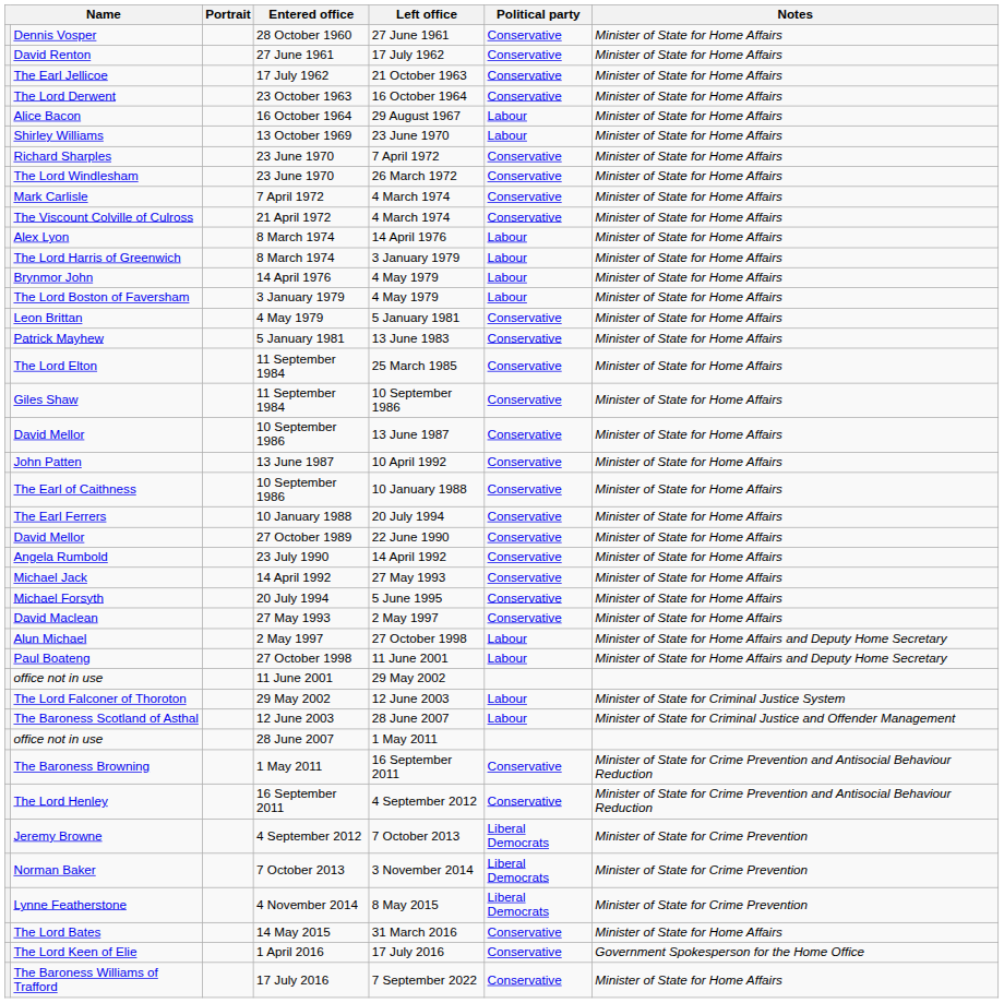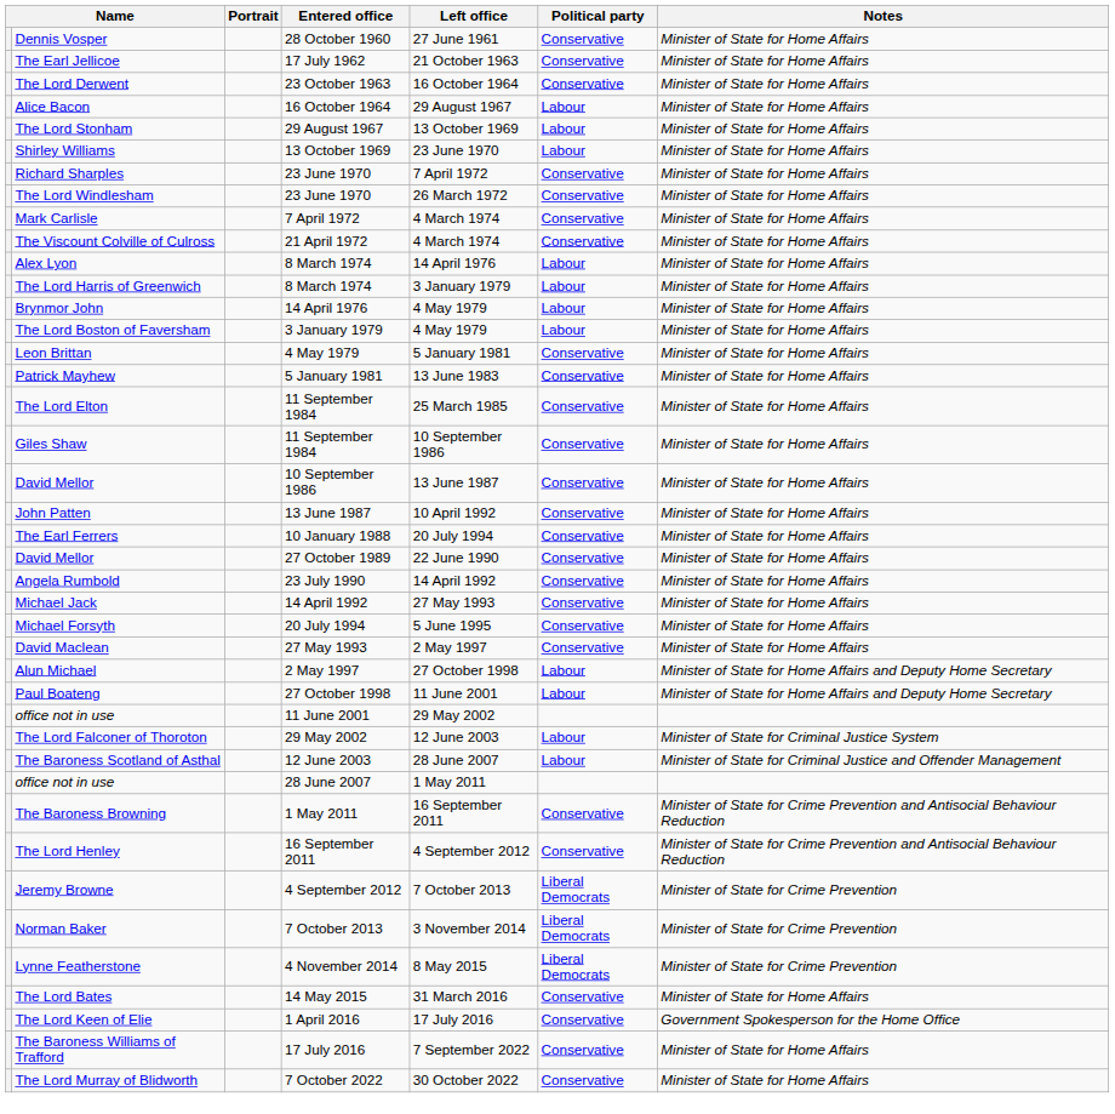 <table class="wikitable">
 <tr>
 <th colspan=2>Name</th>
 <th>Portrait</th>
 <th>Entered office</th>
 <th>Left office</th>
 <th>Political party</th>
 <th>Notes</th>
 </tr>
 <tr>
 <th style="background-color: "></th>
 <td><a href='#'>Dennis Vosper</a></td>
 <td></td>
 <td>28 October 1960</td>
 <td>27 June 1961</td>
-<td><a href='#'>Conservative</a></td>
-<td><em>Minister of State for Home Affairs</em></td>
-</tr>
-<tr>
-<th style="background-color: "></th>
-<td><a href='#'>David Renton</a></td>
-<td></td>
-<td>27 June 1961</td>
-<td>17 July 1962</td>
 <td><a href='#'>Conservative</a></td>
 <td><em>Minister of State for Home Affairs</em></td>
 </tr>
 <tr>
 <th style="background-color: "></th>
 <td><a href='#'>The Earl Jellicoe</a></td>
 <td></td>
 <td>17 July 1962</td>
 <td>21 October 1963</td>
 <td><a href='#'>Conservative</a></td>
 <td><em>Minister of State for Home Affairs</em></td>
 </tr>
 <tr>
 <th style="background-color: "></th>
 <td><a href='#'>The Lord Derwent</a></td>
 <td></td>
 <td>23 October 1963</td>
 <td>16 October 1964</td>
 <td><a href='#'>Conservative</a></td>
 <td><em>Minister of State for Home Affairs</em></td>
 </tr>
 <tr>
 <th style="background-color: "></th>
 <td><a href='#'>Alice Bacon</a></td>
 <td></td>
 <td>16 October 1964</td>
 <td>29 August 1967</td>
+<td><a href='#'>Labour</a></td>
+<td><em>Minister of State for Home Affairs</em></td>
+</tr>
+<tr>
+<th style="background-color: "></th>
+<td><a href='#'>The Lord Stonham</a></td>
+<td></td>
+<td>29 August 1967</td>
+<td>13 October 1969</td>
 <td><a href='#'>Labour</a></td>
 <td><em>Minister of State for Home Affairs</em></td>
 </tr>
 <tr>
 <th style="background-color: "></th>
 <td><a href='#'>Shirley Williams</a></td>
 <td></td>
 <td>13 October 1969</td>
 <td>23 June 1970</td>
 <td><a href='#'>Labour</a></td>
 <td><em>Minister of State for Home Affairs</em></td>
 </tr>
 <tr>
 <th style="background-color: "></th>
 <td><a href='#'>Richard Sharples</a></td>
 <td></td>
 <td>23 June 1970</td>
 <td>7 April 1972</td>
 <td><a href='#'>Conservative</a></td>
 <td><em>Minister of State for Home Affairs</em></td>
 </tr>
 <tr>
 <th style="background-color: "></th>
 <td><a href='#'>The Lord Windlesham</a></td>
 <td></td>
 <td>23 June 1970</td>
 <td>26 March 1972</td>
 <td><a href='#'>Conservative</a></td>
 <td><em>Minister of State for Home Affairs</em></td>
 </tr>
 <tr>
 <th style="background-color: "></th>
 <td><a href='#'>Mark Carlisle</a></td>
 <td></td>
 <td>7 April 1972</td>
 <td>4 March 1974</td>
 <td><a href='#'>Conservative</a></td>
 <td><em>Minister of State for Home Affairs</em></td>
 </tr>
 <tr>
 <th style="background-color: "></th>
 <td><a href='#'>The Viscount Colville of Culross</a></td>
 <td></td>
 <td>21 April 1972</td>
 <td>4 March 1974</td>
 <td><a href='#'>Conservative</a></td>
 <td><em>Minister of State for Home Affairs</em></td>
 </tr>
 <tr>
 <th style="background-color: "></th>
 <td><a href='#'>Alex Lyon</a></td>
 <td></td>
 <td>8 March 1974</td>
 <td>14 April 1976</td>
 <td><a href='#'>Labour</a></td>
 <td><em>Minister of State for Home Affairs</em></td>
 </tr>
 <tr>
 <th style="background-color: "></th>
 <td><a href='#'>The Lord Harris of Greenwich</a></td>
 <td></td>
 <td>8 March 1974</td>
 <td>3 January 1979</td>
 <td><a href='#'>Labour</a></td>
 <td><em>Minister of State for Home Affairs</em></td>
 </tr>
 <tr>
 <th style="background-color: "></th>
 <td><a href='#'>Brynmor John</a></td>
 <td></td>
 <td>14 April 1976</td>
 <td>4 May 1979</td>
 <td><a href='#'>Labour</a></td>
 <td><em>Minister of State for Home Affairs</em></td>
 </tr>
 <tr>
 <th style="background-color: "></th>
 <td><a href='#'>The Lord Boston of Faversham</a></td>
 <td></td>
 <td>3 January 1979</td>
 <td>4 May 1979</td>
 <td><a href='#'>Labour</a></td>
 <td><em>Minister of State for Home Affairs</em></td>
 </tr>
 <tr>
 <th style="background-color: "></th>
 <td><a href='#'>Leon Brittan</a></td>
 <td></td>
 <td>4 May 1979</td>
 <td>5 January 1981</td>
 <td><a href='#'>Conservative</a></td>
 <td><em>Minister of State for Home Affairs</em></td>
 </tr>
 <tr>
 <th style="background-color: "></th>
 <td><a href='#'>Patrick Mayhew</a></td>
 <td></td>
 <td>5 January 1981</td>
 <td>13 June 1983</td>
 <td><a href='#'>Conservative</a></td>
 <td><em>Minister of State for Home Affairs</em></td>
 </tr>
 <tr>
 <th style="background-color: "></th>
 <td><a href='#'>The Lord Elton</a></td>
 <td></td>
 <td>11 September 1984</td>
 <td>25 March 1985</td>
 <td><a href='#'>Conservative</a></td>
 <td><em>Minister of State for Home Affairs</em></td>
 </tr>
 <tr>
 <th style="background-color: "></th>
 <td><a href='#'>Giles Shaw</a></td>
 <td></td>
 <td>11 September 1984</td>
 <td>10 September 1986</td>
 <td><a href='#'>Conservative</a></td>
 <td><em>Minister of State for Home Affairs</em></td>
 </tr>
 <tr>
 <th style="background-color: "></th>
 <td><a href='#'>David Mellor</a></td>
 <td></td>
 <td>10 September 1986</td>
 <td>13 June 1987</td>
 <td><a href='#'>Conservative</a></td>
 <td><em>Minister of State for Home Affairs</em></td>
 </tr>
 <tr>
 <th style="background-color: "></th>
 <td><a href='#'>John Patten</a></td>
 <td></td>
 <td>13 June 1987</td>
 <td>10 April 1992</td>
-<td><a href='#'>Conservative</a></td>
-<td><em>Minister of State for Home Affairs</em></td>
-</tr>
-<tr>
-<th style="background-color: "></th>
-<td><a href='#'>The Earl of Caithness</a></td>
-<td></td>
-<td>10 September 1986</td>
-<td>10 January 1988</td>
 <td><a href='#'>Conservative</a></td>
 <td><em>Minister of State for Home Affairs</em></td>
 </tr>
 <tr>
 <th style="background-color: "></th>
 <td><a href='#'>The Earl Ferrers</a></td>
 <td></td>
 <td>10 January 1988</td>
 <td>20 July 1994</td>
 <td><a href='#'>Conservative</a></td>
 <td><em>Minister of State for Home Affairs</em></td>
 </tr>
 <tr>
 <th style="background-color: "></th>
 <td><a href='#'>David Mellor</a></td>
 <td></td>
 <td>27 October 1989</td>
 <td>22 June 1990</td>
 <td><a href='#'>Conservative</a></td>
 <td><em>Minister of State for Home Affairs</em></td>
 </tr>
 <tr>
 <th style="background-color: "></th>
 <td><a href='#'>Angela Rumbold</a></td>
 <td></td>
 <td>23 July 1990</td>
 <td>14 April 1992</td>
 <td><a href='#'>Conservative</a></td>
 <td><em>Minister of State for Home Affairs</em></td>
 </tr>
 <tr>
 <th style="background-color: "></th>
 <td><a href='#'>Michael Jack</a></td>
 <td></td>
 <td>14 April 1992</td>
 <td>27 May 1993</td>
 <td><a href='#'>Conservative</a></td>
 <td><em>Minister of State for Home Affairs</em></td>
 </tr>
 <tr>
 <th style="background-color: "></th>
 <td><a href='#'>Michael Forsyth</a></td>
 <td></td>
 <td>20 July 1994</td>
 <td>5 June 1995</td>
 <td><a href='#'>Conservative</a></td>
 <td><em>Minister of State for Home Affairs</em></td>
 </tr>
 <tr>
 <th style="background-color: "></th>
 <td><a href='#'>David Maclean</a></td>
 <td></td>
 <td>27 May 1993</td>
 <td>2 May 1997</td>
 <td><a href='#'>Conservative</a></td>
 <td><em>Minister of State for Home Affairs</em></td>
 </tr>
 <tr>
 <th style="background-color: "></th>
 <td><a href='#'>Alun Michael</a></td>
 <td></td>
 <td>2 May 1997</td>
 <td>27 October 1998</td>
 <td><a href='#'>Labour</a></td>
 <td><em>Minister of State for Home Affairs and Deputy Home Secretary</em></td>
 </tr>
 <tr>
 <th style="background-color: "></th>
 <td><a href='#'>Paul Boateng</a></td>
 <td></td>
 <td>27 October 1998</td>
 <td>11 June 2001</td>
 <td><a href='#'>Labour</a></td>
 <td><em>Minister of State for Home Affairs and Deputy Home Secretary</em></td>
 </tr>
 <tr>
 <th></th>
 <td><em>office not in use</em></td>
 <td></td>
 <td>11 June 2001</td>
 <td>29 May 2002</td>
 <td></td>
 <td></td>
 </tr>
 <tr>
 <th style="background-color: "></th>
 <td><a href='#'>The Lord Falconer of Thoroton</a></td>
 <td></td>
 <td>29 May 2002</td>
 <td>12 June 2003</td>
 <td><a href='#'>Labour</a></td>
 <td><em>Minister of State for Criminal Justice System</em></td>
 </tr>
 <tr>
 <th style="background-color: "></th>
 <td><a href='#'>The Baroness Scotland of Asthal</a></td>
 <td></td>
 <td>12 June 2003</td>
 <td>28 June 2007</td>
 <td><a href='#'>Labour</a></td>
 <td><em>Minister of State for Criminal Justice and Offender Management</em></td>
 </tr>
 <tr>
 <th></th>
 <td><em>office not in use</em></td>
 <td></td>
 <td>28 June 2007</td>
 <td>1 May 2011</td>
 <td></td>
 <td></td>
 </tr>
 <tr>
 <th style="background-color: "></th>
 <td><a href='#'>The Baroness Browning</a></td>
 <td></td>
 <td>1 May 2011</td>
 <td>16 September 2011</td>
 <td><a href='#'>Conservative</a></td>
 <td><em>Minister of State for Crime Prevention and Antisocial Behaviour Reduction</em></td>
 </tr>
 <tr>
 <th style="background-color: "></th>
 <td><a href='#'>The Lord Henley</a></td>
 <td></td>
 <td>16 September 2011</td>
 <td>4 September 2012</td>
 <td><a href='#'>Conservative</a></td>
 <td><em>Minister of State for Crime Prevention and Antisocial Behaviour Reduction</em></td>
 </tr>
 <tr>
 <th style="background-color: "></th>
 <td><a href='#'>Jeremy Browne</a></td>
 <td></td>
 <td>4 September 2012</td>
 <td>7 October 2013</td>
 <td><a href='#'>Liberal Democrats</a></td>
 <td><em>Minister of State for Crime Prevention</em></td>
 </tr>
 <tr>
 <th style="background-color: "></th>
 <td><a href='#'>Norman Baker</a></td>
 <td></td>
 <td>7 October 2013</td>
 <td>3 November 2014</td>
 <td><a href='#'>Liberal Democrats</a></td>
 <td><em>Minister of State for Crime Prevention</em></td>
 </tr>
 <tr>
 <th style="background-color: "></th>
 <td><a href='#'>Lynne Featherstone</a></td>
 <td></td>
 <td>4 November 2014</td>
 <td>8 May 2015</td>
 <td><a href='#'>Liberal Democrats</a></td>
 <td><em>Minister of State for Crime Prevention</em></td>
 </tr>
 <tr>
 <th style="background-color: "></th>
 <td><a href='#'>The Lord Bates</a></td>
 <td></td>
 <td>14 May 2015</td>
 <td>31 March 2016</td>
 <td><a href='#'>Conservative</a></td>
 <td><em>Minister of State for Home Affairs</em></td>
 </tr>
 <tr>
 <th style="background-color: "></th>
 <td><a href='#'>The Lord Keen of Elie</a><br></td>
 <td></td>
 <td>1 April 2016</td>
 <td>17 July 2016</td>
 <td><a href='#'>Conservative</a></td>
 <td><em>Government Spokesperson for the Home Office</em></td>
 </tr>
 <tr>
 <th style="background-color: "></th>
 <td><a href='#'>The Baroness Williams of Trafford</a></td>
 <td></td>
 <td>17 July 2016</td>
 <td>7 September 2022</td>
 <td><a href='#'>Conservative</a></td>
 <td><em>Minister of State for Home Affairs</em></td>
 </tr>
+<tr>
+<th style="background-color: "></th>
+<td><a href='#'>The Lord Murray of Blidworth</a></td>
+<td></td>
+<td>7 October 2022</td>
+<td>30 October 2022</td>
+<td><a href='#'>Conservative</a></td>
+<td><em>Minister of State for Home Affairs</em></td>
+</tr>
 </table>
